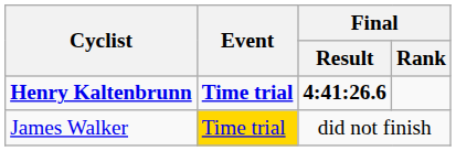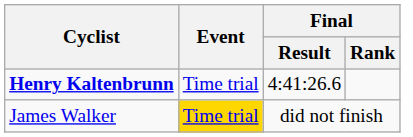 <table class=wikitable style="font-size:90%">
 <tr>
 <th rowspan=2>Cyclist</th>
 <th rowspan=2>Event</th>
 <th colspan=2>Final</th>
 </tr>
 <tr>
 <th>Result</th>
 <th>Rank</th>
 </tr>
 <tr>
 <td><strong><a href='#'>Henry Kaltenbrunn</a></strong></td>
-<td><strong><a href='#'>Time trial</a></strong></td>
-<td align=center><strong>4:41:26.6</strong></td>
+<td><a href='#'>Time trial</a></td>
+<td align=center>4:41:26.6</td>
 <td align=center></td>
 </tr>
 <tr>
 <td><a href='#'>James Walker</a></td>
 <td style="background: gold;"><a href='#'>Time trial</a></td>
 <td align=center colspan=2>did not finish</td>
 </tr>
 </table>
